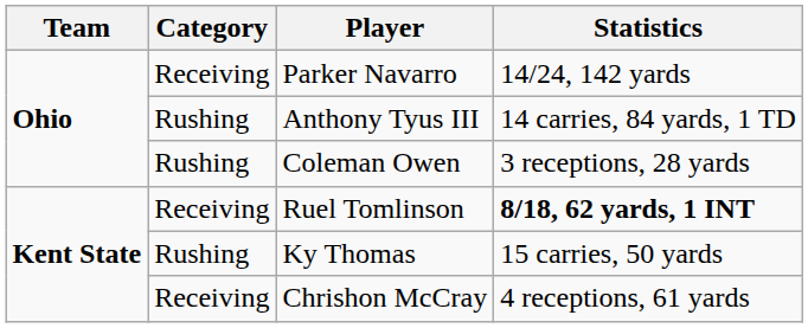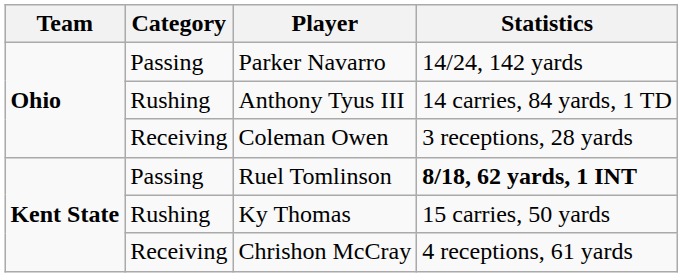 <table class="wikitable" style="float: right;">
 <tr>
 <th>Team</th>
 <th>Category</th>
 <th>Player</th>
 <th>Statistics</th>
 </tr>
 <tr>
 <td rowspan=3><strong>Ohio</strong></td>
-<td>Receiving</td>
+<td>Passing</td>
 <td>Parker Navarro</td>
 <td>14/24, 142 yards</td>
 </tr>
 <tr>
 <td>Rushing</td>
 <td>Anthony Tyus III</td>
 <td>14 carries, 84 yards, 1 TD</td>
 </tr>
 <tr>
-<td>Rushing</td>
+<td>Receiving</td>
 <td>Coleman Owen</td>
 <td>3 receptions, 28 yards</td>
 </tr>
 <tr>
 <td rowspan=3><strong>Kent State</strong></td>
-<td>Receiving</td>
+<td>Passing</td>
 <td>Ruel Tomlinson</td>
 <td><strong>8/18, 62 yards, 1 INT</strong></td>
 </tr>
 <tr>
 <td>Rushing</td>
 <td>Ky Thomas</td>
 <td>15 carries, 50 yards</td>
 </tr>
 <tr>
 <td>Receiving</td>
 <td>Chrishon McCray</td>
 <td>4 receptions, 61 yards</td>
 </tr>
 </table>
